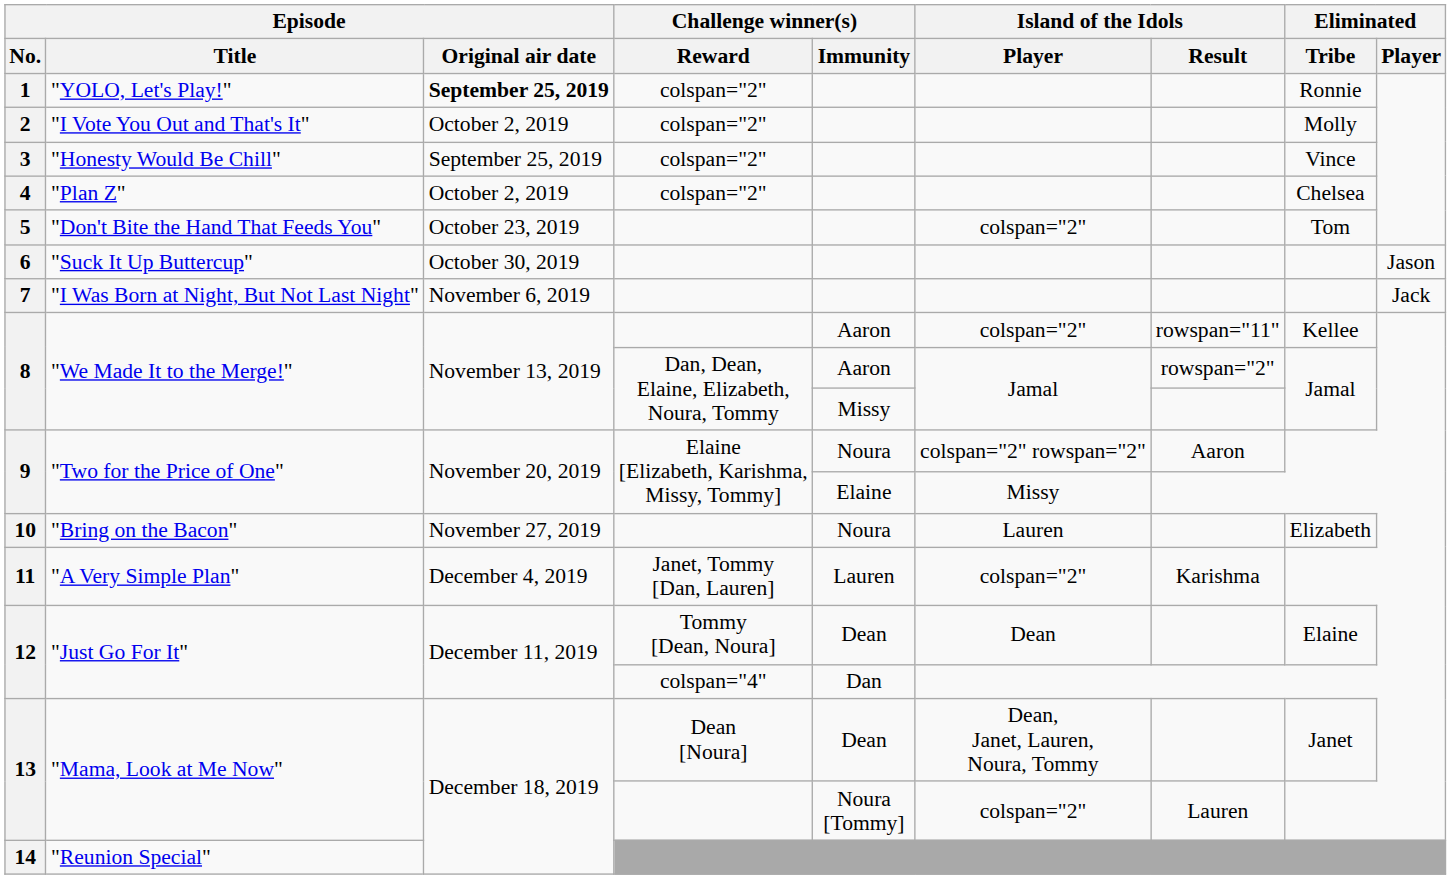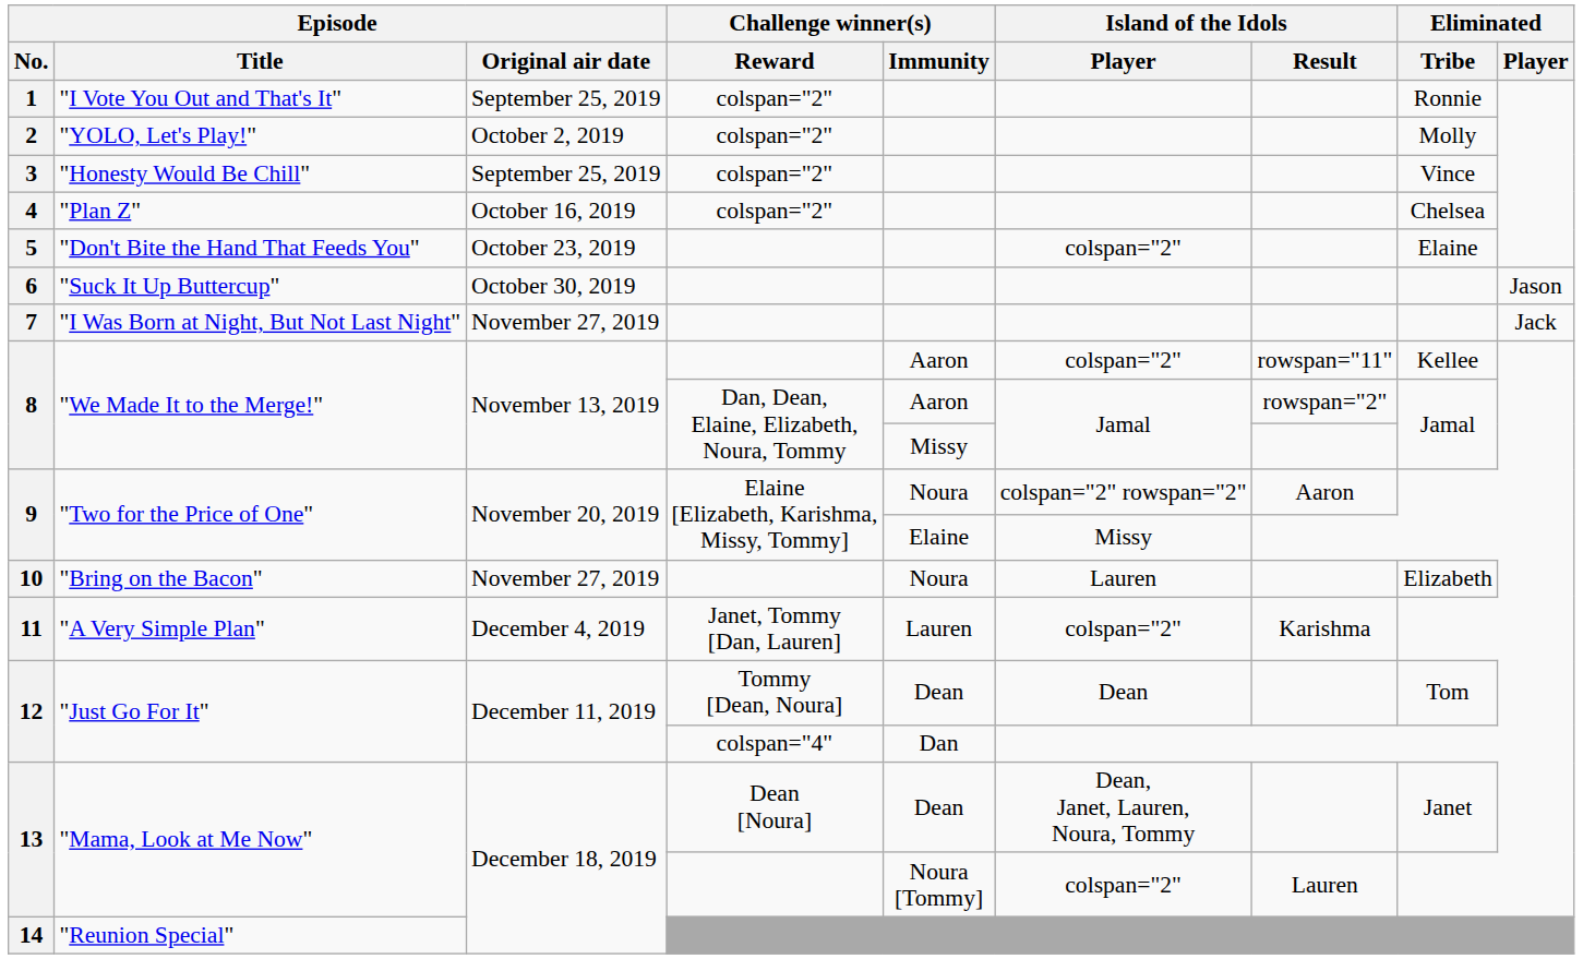 <table class="wikitable plainrowheaders nowrap" style="margin:auto; text-align:center">
 <tr>
 <th scope="col" colspan="3">Episode</th>
 <th scope="col" colspan="2">Challenge winner(s)</th>
 <th scope="col" colspan="2">Island of the Idols</th>
 <th scope="col" colspan="2">Eliminated</th>
 </tr>
 <tr>
 <th scope="col">No.</th>
 <th scope="col">Title</th>
 <th scope="col">Original air date</th>
 <th scope="col">Reward</th>
 <th scope="col">Immunity</th>
 <th scope="col">Player</th>
 <th scope="col">Result</th>
 <th scope="col">Tribe</th>
 <th scope="col">Player</th>
 </tr>
 <tr>
 <th>1</th>
-<td align="left">"<a href='#'>YOLO, Let's Play!</a>"</td>
-<td align="left"><strong>September 25, 2019</strong></td>
+<td align="left">"<a href='#'>I Vote You Out and That's It</a>"</td>
+<td align="left">September 25, 2019</td>
 <td>colspan="2" </td>
 <td></td>
 <td></td>
 <td></td>
 <td>Ronnie</td>
 </tr>
 <tr>
 <th>2</th>
-<td align="left">"<a href='#'>I Vote You Out and That's It</a>"</td>
+<td align="left">"<a href='#'>YOLO, Let's Play!</a>"</td>
 <td align="left">October 2, 2019</td>
 <td>colspan="2" </td>
 <td></td>
 <td></td>
 <td></td>
 <td>Molly</td>
 </tr>
 <tr>
 <th>3</th>
 <td align="left">"<a href='#'>Honesty Would Be Chill</a>"</td>
 <td align="left">September 25, 2019</td>
 <td>colspan="2" </td>
 <td></td>
 <td></td>
 <td></td>
 <td>Vince</td>
 </tr>
 <tr>
 <th>4</th>
 <td align="left">"<a href='#'>Plan Z</a>"</td>
-<td align="left">October 2, 2019</td>
+<td align="left">October 16, 2019</td>
 <td>colspan="2" </td>
 <td></td>
 <td></td>
 <td></td>
 <td>Chelsea</td>
 </tr>
 <tr>
 <th>5</th>
 <td align="left">"<a href='#'>Don't Bite the Hand That Feeds You</a>"</td>
 <td align="left">October 23, 2019</td>
 <td></td>
 <td></td>
 <td>colspan="2" </td>
 <td></td>
-<td>Tom</td>
+<td>Elaine</td>
 </tr>
 <tr>
 <th>6</th>
 <td align="left">"<a href='#'>Suck It Up Buttercup</a>"</td>
 <td align="left">October 30, 2019</td>
 <td></td>
 <td></td>
 <td></td>
 <td></td>
 <td></td>
 <td>Jason</td>
 </tr>
 <tr>
 <th>7</th>
 <td align="left">"<a href='#'>I Was Born at Night, But Not Last Night</a>"</td>
-<td align="left">November 6, 2019</td>
+<td align="left">November 27, 2019</td>
 <td></td>
 <td></td>
 <td></td>
 <td></td>
 <td></td>
 <td>Jack</td>
 </tr>
 <tr>
 <th rowspan="3">8</th>
 <td rowspan="3" align="left">"<a href='#'>We Made It to the Merge!</a>"</td>
 <td rowspan="3" align="left">November 13, 2019</td>
 <td></td>
 <td>Aaron</td>
 <td>colspan="2" </td>
 <td>rowspan="11" </td>
 <td>Kellee</td>
 </tr>
 <tr>
 <td rowspan="2">Dan, Dean,<br>Elaine, Elizabeth,<br>Noura, Tommy</td>
 <td>Aaron</td>
 <td rowspan="2">Jamal</td>
 <td>rowspan="2" </td>
 <td rowspan="2">Jamal</td>
 </tr>
 <tr>
 <td>Missy</td>
 </tr>
 <tr>
 <th rowspan="2">9</th>
 <td rowspan="2" align="left">"<a href='#'>Two for the Price of One</a>"</td>
 <td rowspan="2" align="left">November 20, 2019</td>
 <td rowspan="2">Elaine<br>[Elizabeth, Karishma,<br>Missy, Tommy]</td>
 <td>Noura</td>
 <td>colspan="2" rowspan="2" </td>
 <td>Aaron</td>
 </tr>
 <tr>
 <td>Elaine</td>
 <td>Missy</td>
 </tr>
 <tr>
 <th>10</th>
 <td scope="row" align="left">"<a href='#'>Bring on the Bacon</a>"</td>
 <td align="left">November 27, 2019</td>
 <td></td>
 <td>Noura</td>
 <td>Lauren</td>
 <td></td>
 <td>Elizabeth</td>
 </tr>
 <tr>
 <th>11</th>
 <td scope="row" align="left">"<a href='#'>A Very Simple Plan</a>"</td>
 <td align="left">December 4, 2019</td>
 <td>Janet, Tommy<br>[Dan, Lauren]</td>
 <td>Lauren</td>
 <td>colspan="2" </td>
 <td>Karishma</td>
 </tr>
 <tr>
 <th rowspan="2">12</th>
 <td rowspan="2" align="left">"<a href='#'>Just Go For It</a>"</td>
 <td rowspan="2" align="left">December 11, 2019</td>
 <td>Tommy<br>[Dean, Noura]</td>
 <td>Dean</td>
 <td>Dean</td>
 <td></td>
-<td>Elaine</td>
+<td>Tom</td>
 </tr>
 <tr>
 <td>colspan="4" </td>
 <td>Dan</td>
 </tr>
 <tr>
 <th rowspan="2">13</th>
 <td rowspan="2" align="left">"<a href='#'>Mama, Look at Me Now</a>"</td>
 <td rowspan="3" align="left">December 18, 2019</td>
 <td>Dean<br>[Noura]</td>
 <td>Dean</td>
 <td>Dean,<br>Janet, Lauren,<br>Noura, Tommy</td>
 <td></td>
 <td>Janet</td>
 </tr>
 <tr>
 <td></td>
 <td>Noura<br>[Tommy]</td>
 <td>colspan="2" </td>
 <td>Lauren</td>
 </tr>
 <tr>
 <th>14</th>
 <td align="left">"<a href='#'>Reunion Special</a>"</td>
 <td colspan="6" bgcolor="darkgray"></td>
 </tr>
 </table>
